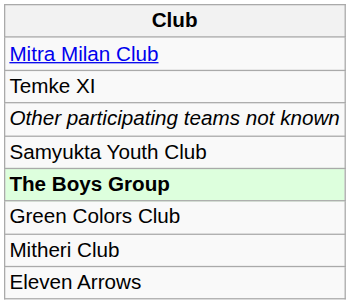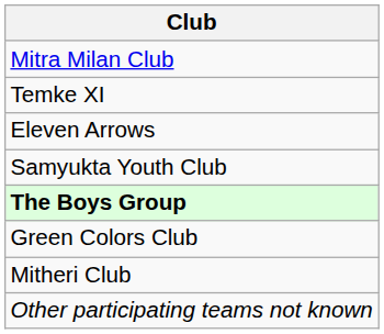 <table class="wikitable" border="1">
 <tr>
 <th>Club</th>
 </tr>
 <tr>
 <td><a href='#'>Mitra Milan Club</a></td>
 </tr>
 <tr>
 <td>Temke XI</td>
 </tr>
 <tr>
-<td><em>Other participating teams not known</em></td>
+<td>Eleven Arrows</td>
 </tr>
 <tr>
 <td>Samyukta Youth Club</td>
 </tr>
 <tr bgcolor=#dfd>
 <td><strong>The Boys Group</strong></td>
 </tr>
 <tr>
 <td>Green Colors Club</td>
 </tr>
 <tr>
 <td>Mitheri Club</td>
 </tr>
 <tr>
-<td>Eleven Arrows</td>
+<td><em>Other participating teams not known</em></td>
 </tr>
 </table>
